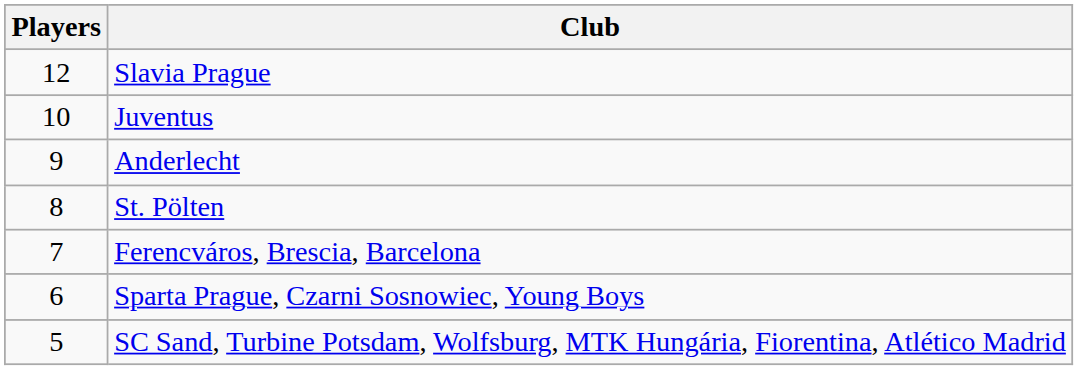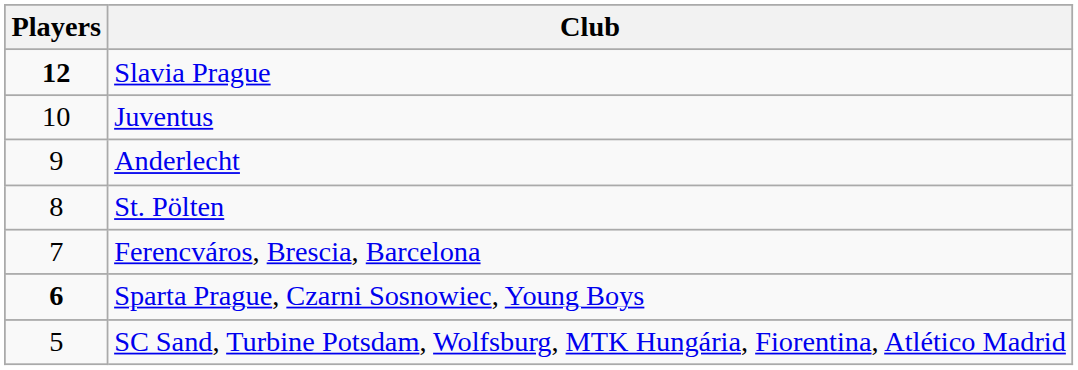 <table class="wikitable">
 <tr>
 <th>Players</th>
 <th>Club</th>
 </tr>
 <tr>
-<td align="center">12</td>
+<td align="center"><strong>12</strong></td>
 <td> <a href='#'>Slavia Prague</a></td>
 </tr>
 <tr>
 <td align="center">10</td>
 <td> <a href='#'>Juventus</a></td>
 </tr>
 <tr>
 <td align="center">9</td>
 <td> <a href='#'>Anderlecht</a></td>
 </tr>
 <tr>
 <td align="center">8</td>
 <td> <a href='#'>St. Pölten</a></td>
 </tr>
 <tr>
 <td align="center">7</td>
 <td> <a href='#'>Ferencváros</a>,  <a href='#'>Brescia</a>,  <a href='#'>Barcelona</a></td>
 </tr>
 <tr>
-<td align="center">6</td>
+<td align="center"><strong>6</strong></td>
 <td> <a href='#'>Sparta Prague</a>,  <a href='#'>Czarni Sosnowiec</a>,  <a href='#'>Young Boys</a></td>
 </tr>
 <tr>
 <td align="center">5</td>
 <td> <a href='#'>SC Sand</a>,  <a href='#'>Turbine Potsdam</a>,  <a href='#'>Wolfsburg</a>,  <a href='#'>MTK Hungária</a>,  <a href='#'>Fiorentina</a>,  <a href='#'>Atlético Madrid</a></td>
 </tr>
 </table>
